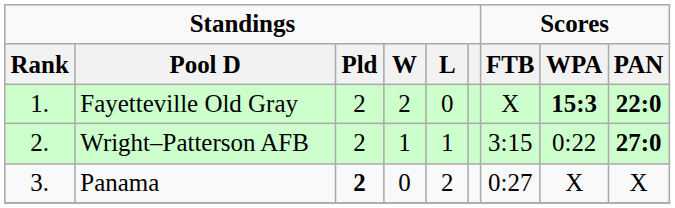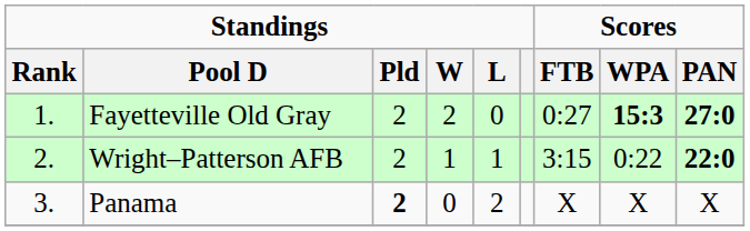 <table class="wikitable">
 <tr>
 <td colspan=6 align=center><strong>Standings</strong></td>
 <td colspan=4 align=center><strong>Scores</strong></td>
 </tr>
 <tr>
 <th bgcolor="#efefef">Rank</th>
 <th bgcolor="#efefef" width="160">Pool D</th>
 <th bgcolor="#efefef" width="20">Pld</th>
 <th bgcolor="#efefef" width="20">W</th>
 <th bgcolor="#efefef" width="20">L</th>
 <th bgcolor="#efefef"></th>
 <th bgcolor="#efefef" width="20">FTB</th>
 <th bgcolor="#efefef" width="20">WPA</th>
 <th bgcolor="#efefef" width="20">PAN</th>
 </tr>
 <tr align=center bgcolor=#ccffcc>
 <td>1.</td>
 <td align=left>Fayetteville Old Gray</td>
 <td>2</td>
 <td>2</td>
 <td>0</td>
 <td></td>
-<td>X</td>
+<td>0:27</td>
 <td><strong>15:3</strong></td>
-<td><strong>22:0</strong></td>
+<td><strong>27:0</strong></td>
 </tr>
 <tr align=center bgcolor=#ccffcc>
 <td>2.</td>
 <td align=left>Wright–Patterson AFB</td>
 <td>2</td>
 <td>1</td>
 <td>1</td>
 <td></td>
 <td>3:15</td>
 <td>0:22</td>
-<td><strong>27:0</strong></td>
+<td><strong>22:0</strong></td>
 </tr>
 <tr align=center>
 <td>3.</td>
 <td align=left>Panama</td>
 <td><strong>2</strong></td>
 <td>0</td>
 <td>2</td>
 <td></td>
-<td>0:27</td>
+<td>X</td>
 <td>X</td>
 <td>X</td>
 </tr>
 <tr align=center>
 </tr>
 </table>
